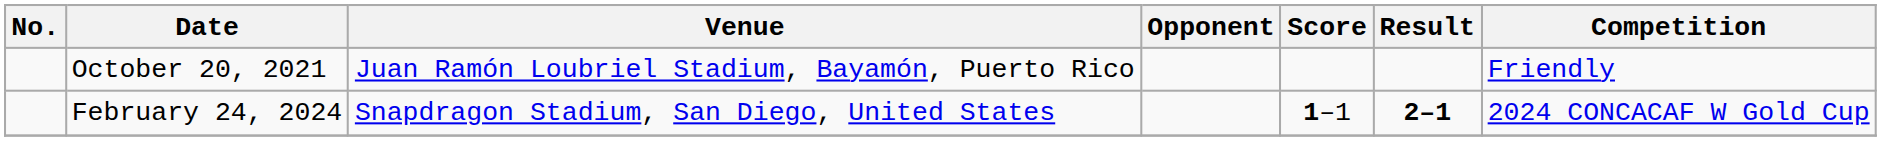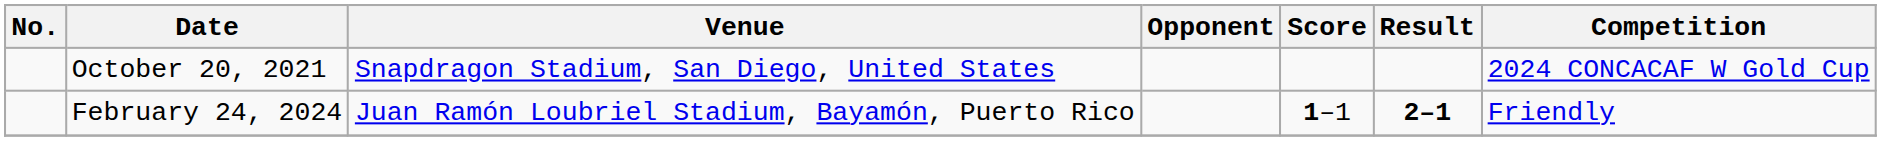 <table class="wikitable sortable">
 <tr>
 <th>No.</th>
 <th>Date</th>
 <th>Venue</th>
 <th>Opponent</th>
 <th>Score</th>
 <th>Result</th>
 <th>Competition</th>
 </tr>
 <tr>
 <td></td>
 <td>October 20, 2021</td>
-<td><a href='#'>Juan Ramón Loubriel Stadium</a>, <a href='#'>Bayamón</a>, Puerto Rico</td>
+<td><a href='#'>Snapdragon Stadium</a>, <a href='#'>San Diego</a>, <a href='#'>United States</a></td>
 <td></td>
 <td></td>
 <td></td>
-<td><a href='#'>Friendly</a></td>
+<td><a href='#'>2024 CONCACAF W Gold Cup</a></td>
 </tr>
 <tr>
 <td></td>
 <td>February 24, 2024</td>
-<td><a href='#'>Snapdragon Stadium</a>, <a href='#'>San Diego</a>, <a href='#'>United States</a></td>
+<td><a href='#'>Juan Ramón Loubriel Stadium</a>, <a href='#'>Bayamón</a>, Puerto Rico</td>
 <td></td>
 <td align=center><strong>1</strong>–1</td>
 <td align=center><strong>2–1</strong></td>
-<td><a href='#'>2024 CONCACAF W Gold Cup</a></td>
+<td><a href='#'>Friendly</a></td>
 </tr>
 <tr>
 </tr>
 </table>
